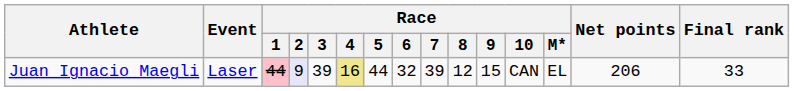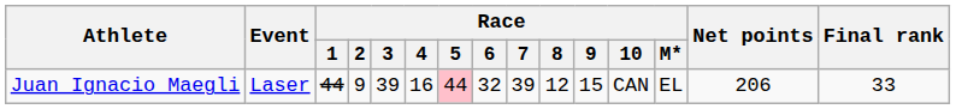 <table class="wikitable" style="font-size:90%">
 <tr>
 <th rowspan="2">Athlete</th>
 <th rowspan="2">Event</th>
 <th colspan=11>Race</th>
 <th rowspan=2>Net points</th>
 <th rowspan=2>Final rank</th>
 </tr>
 <tr style="font-size:95%">
 <th>1</th>
 <th>2</th>
 <th>3</th>
 <th>4</th>
 <th>5</th>
 <th>6</th>
 <th>7</th>
 <th>8</th>
 <th>9</th>
 <th>10</th>
 <th>M*</th>
 </tr>
 <tr align=center>
 <td align=left><a href='#'>Juan Ignacio Maegli</a></td>
 <td align=left><a href='#'>Laser</a></td>
-<td style="background: pink;"><s>44</s></td>
-<td style="background: lavender;">9</td>
+<td><s>44</s></td>
+<td>9</td>
 <td>39</td>
-<td style="background: khaki;">16</td>
-<td>44</td>
+<td>16</td>
+<td style="background: pink;">44</td>
 <td>32</td>
 <td>39</td>
 <td>12</td>
 <td>15</td>
 <td>CAN</td>
 <td>EL</td>
 <td>206</td>
 <td>33</td>
 </tr>
 </table>
